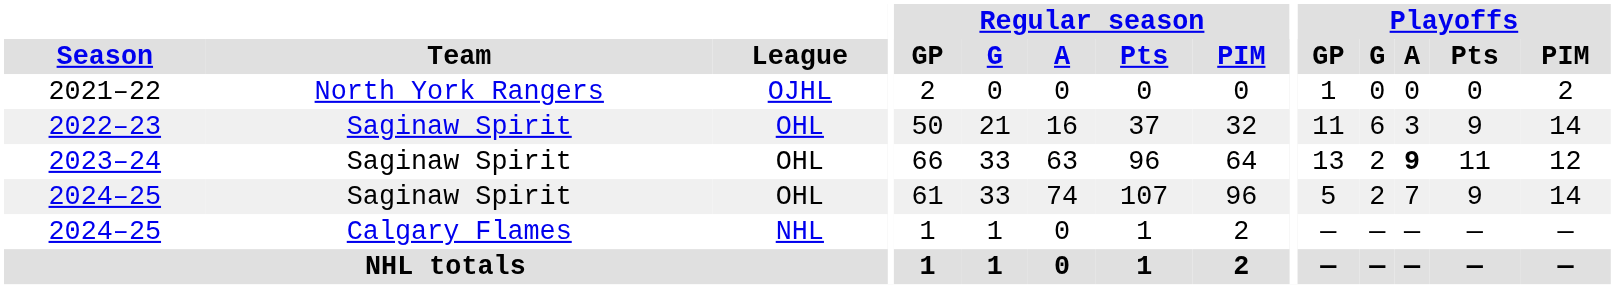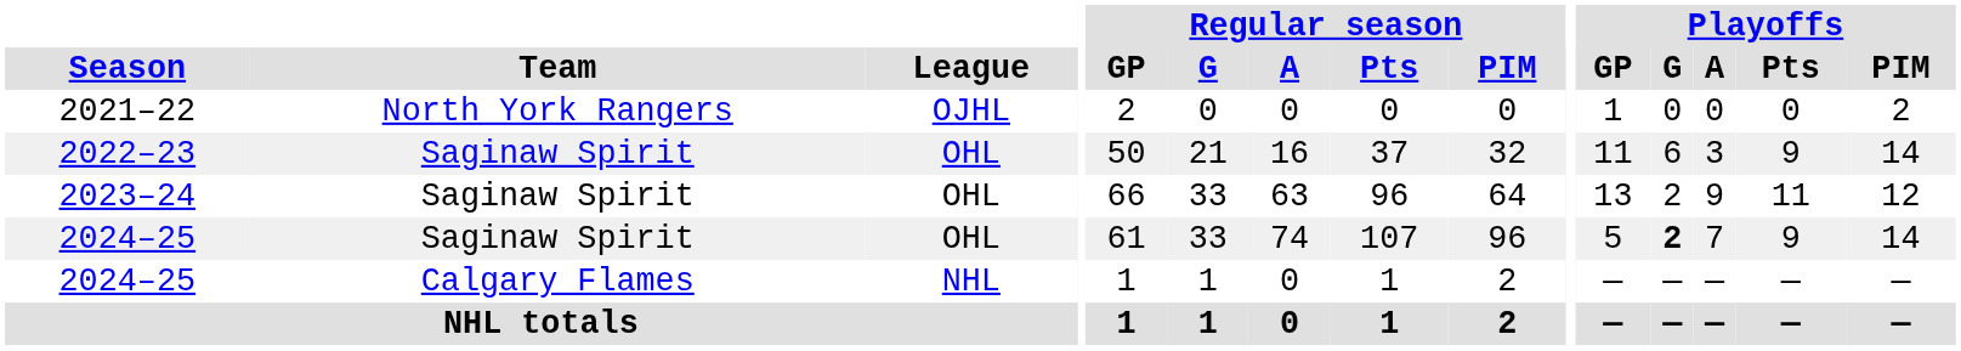 <table border="0" cellpadding="1" cellspacing="0" style="text-align:center; width:60em;">
 <tr bgcolor="#e0e0e0">
 <th colspan="3" bgcolor="#ffffff"></th>
 <th rowspan="94" bgcolor="#ffffff"></th>
 <th colspan="5"><a href='#'>Regular season</a></th>
 <th rowspan="94" bgcolor="#ffffff"></th>
 <th colspan="5"><a href='#'>Playoffs</a></th>
 </tr>
 <tr bgcolor="#e0e0e0">
 <th><a href='#'>Season</a></th>
 <th>Team</th>
 <th>League</th>
 <th>GP</th>
 <th><a href='#'>G</a></th>
 <th><a href='#'>A</a></th>
 <th><a href='#'>Pts</a></th>
 <th><a href='#'>PIM</a></th>
 <th>GP</th>
 <th>G</th>
 <th>A</th>
 <th>Pts</th>
 <th>PIM</th>
 </tr>
 <tr>
 <td>2021–22</td>
 <td><a href='#'>North York Rangers</a></td>
 <td><a href='#'>OJHL</a></td>
 <td>2</td>
 <td>0</td>
 <td>0</td>
 <td>0</td>
 <td>0</td>
 <td>1</td>
 <td>0</td>
 <td>0</td>
 <td>0</td>
 <td>2</td>
 </tr>
 <tr bgcolor="f0f0f0">
 <td><a href='#'>2022–23</a></td>
 <td><a href='#'>Saginaw Spirit</a></td>
 <td><a href='#'>OHL</a></td>
 <td>50</td>
 <td>21</td>
 <td>16</td>
 <td>37</td>
 <td>32</td>
 <td>11</td>
 <td>6</td>
 <td>3</td>
 <td>9</td>
 <td>14</td>
 </tr>
 <tr>
 <td><a href='#'>2023–24</a></td>
 <td>Saginaw Spirit</td>
 <td>OHL</td>
 <td>66</td>
 <td>33</td>
 <td>63</td>
 <td>96</td>
 <td>64</td>
 <td>13</td>
 <td>2</td>
-<td><strong>9</strong></td>
+<td>9</td>
 <td>11</td>
 <td>12</td>
 </tr>
 <tr bgcolor="f0f0f0">
 <td><a href='#'>2024–25</a></td>
 <td>Saginaw Spirit</td>
 <td>OHL</td>
 <td>61</td>
 <td>33</td>
 <td>74</td>
 <td>107</td>
 <td>96</td>
 <td>5</td>
-<td>2</td>
+<td><strong>2</strong></td>
 <td>7</td>
 <td>9</td>
 <td>14</td>
 </tr>
 <tr ALIGN="center">
 <td><a href='#'>2024–25</a></td>
 <td><a href='#'>Calgary Flames</a></td>
 <td><a href='#'>NHL</a></td>
 <td>1</td>
 <td>1</td>
 <td>0</td>
 <td>1</td>
 <td>2</td>
 <td>—</td>
 <td>—</td>
 <td>—</td>
 <td>—</td>
 <td>—</td>
 </tr>
 <tr bgcolor="#e0e0e0">
 <th colspan="3">NHL totals</th>
 <th>1</th>
 <th>1</th>
 <th>0</th>
 <th>1</th>
 <th>2</th>
 <th>—</th>
 <th>—</th>
 <th>—</th>
 <th>—</th>
 <th>—</th>
 </tr>
 </table>
